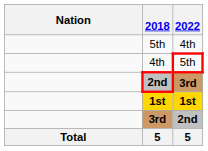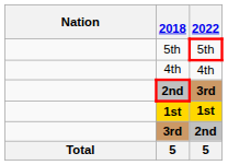 <table class="wikitable" style="text-align:center; font-size:90%">
 <tr>
 <th width=170>Nation</th>
 <th><br><a href='#'>2018</a></th>
 <th><br><a href='#'>2022</a></th>
 </tr>
 <tr>
 <td align=left></td>
 <td>5th</td>
-<td>4th</td>
+<td style="border: 3px solid red">5th</td>
 </tr>
 <tr>
 <td align=left></td>
 <td>4th</td>
-<td style="border: 3px solid red">5th</td>
+<td>4th</td>
 </tr>
 <tr>
 <td align=left></td>
 <td style="border: 3px solid red" bgcolor=silver><strong>2nd</strong></td>
 <td bgcolor=#cc9966><strong>3rd</strong></td>
 </tr>
 <tr>
 <td align=left></td>
 <td bgcolor=gold><strong>1st</strong></td>
 <td bgcolor=gold><strong>1st</strong></td>
 </tr>
 <tr>
 <td align=left></td>
 <td bgcolor=#cc9966><strong>3rd</strong></td>
 <td bgcolor=silver><strong>2nd</strong></td>
 </tr>
 <tr>
 <th>Total</th>
 <th>5</th>
 <th>5</th>
 </tr>
 </table>
